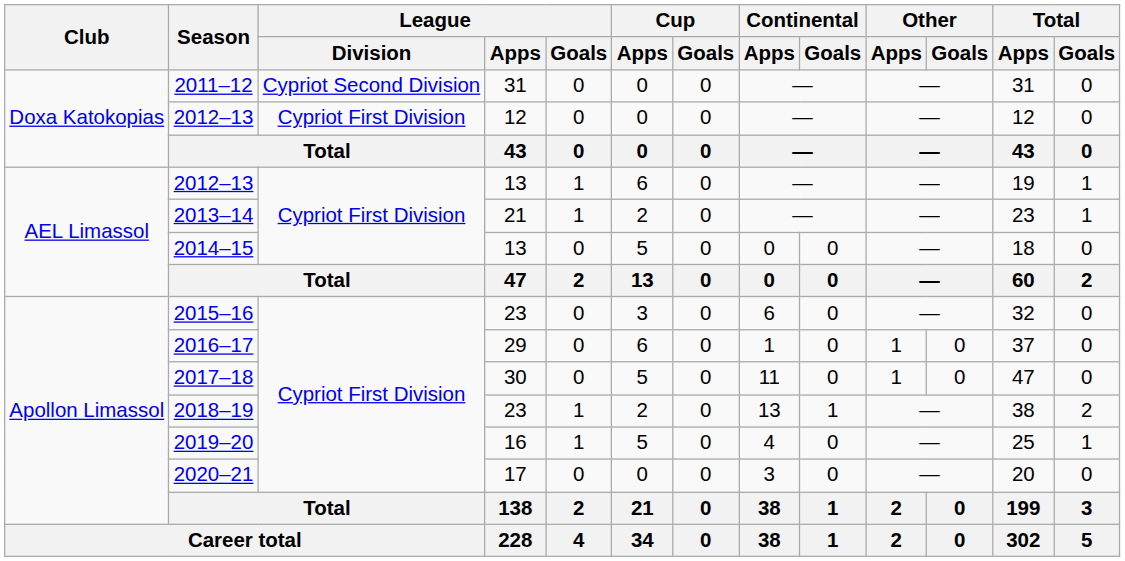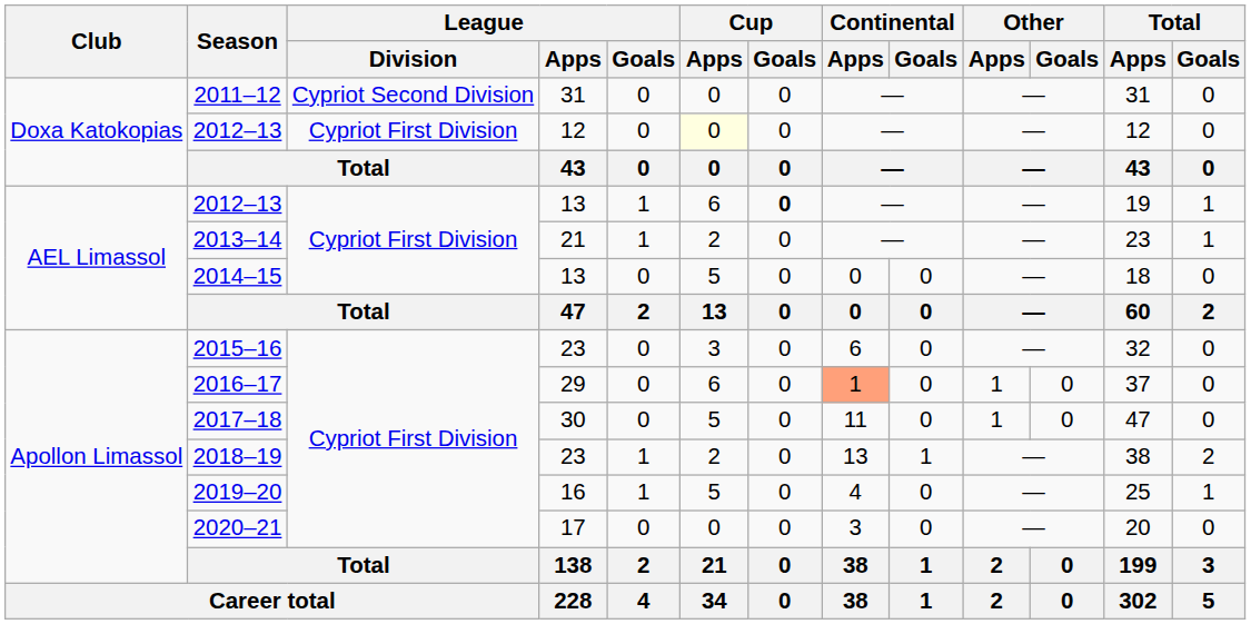 <table class="wikitable" style="text-align:center">
 <tr>
 <th rowspan=2>Club</th>
 <th rowspan=2>Season</th>
 <th colspan=3>League</th>
 <th colspan=2>Cup</th>
 <th colspan=2>Continental</th>
 <th colspan=2>Other</th>
 <th colspan=2>Total</th>
 </tr>
 <tr>
 <th>Division</th>
 <th>Apps</th>
 <th>Goals</th>
 <th>Apps</th>
 <th>Goals</th>
 <th>Apps</th>
 <th>Goals</th>
 <th>Apps</th>
 <th>Goals</th>
 <th>Apps</th>
 <th>Goals</th>
 </tr>
 <tr>
 <td rowspan=3><a href='#'>Doxa Katokopias</a></td>
 <td><a href='#'>2011–12</a></td>
 <td><a href='#'>Cypriot Second Division</a></td>
 <td>31</td>
 <td>0</td>
 <td>0</td>
 <td>0</td>
 <td colspan="2">—</td>
 <td colspan="2">—</td>
 <td>31</td>
 <td>0</td>
 </tr>
 <tr>
 <td><a href='#'>2012–13</a></td>
 <td><a href='#'>Cypriot First Division</a></td>
 <td>12</td>
 <td>0</td>
-<td>0</td>
+<td style="background: lightyellow;">0</td>
 <td>0</td>
 <td colspan="2">—</td>
 <td colspan="2">—</td>
 <td>12</td>
 <td>0</td>
 </tr>
 <tr>
 <th colspan="2">Total</th>
 <th>43</th>
 <th>0</th>
 <th>0</th>
 <th>0</th>
 <th colspan="2">—</th>
 <th colspan="2">—</th>
 <th>43</th>
 <th>0</th>
 </tr>
 <tr>
 <td rowspan=4><a href='#'>AEL Limassol</a></td>
 <td><a href='#'>2012–13</a></td>
 <td rowspan=3><a href='#'>Cypriot First Division</a></td>
 <td>13</td>
 <td>1</td>
 <td>6</td>
-<td>0</td>
+<td><strong>0</strong></td>
 <td colspan="2">—</td>
 <td colspan="2">—</td>
 <td>19</td>
 <td>1</td>
 </tr>
 <tr>
 <td><a href='#'>2013–14</a></td>
 <td>21</td>
 <td>1</td>
 <td>2</td>
 <td>0</td>
 <td colspan="2">—</td>
 <td colspan="2">—</td>
 <td>23</td>
 <td>1</td>
 </tr>
 <tr>
 <td><a href='#'>2014–15</a></td>
 <td>13</td>
 <td>0</td>
 <td>5</td>
 <td>0</td>
 <td>0</td>
 <td>0</td>
 <td colspan="2">—</td>
 <td>18</td>
 <td>0</td>
 </tr>
 <tr>
 <th colspan="2">Total</th>
 <th>47</th>
 <th>2</th>
 <th>13</th>
 <th>0</th>
 <th>0</th>
 <th>0</th>
 <th colspan="2">—</th>
 <th>60</th>
 <th>2</th>
 </tr>
 <tr>
 <td rowspan=7><a href='#'>Apollon Limassol</a></td>
 <td><a href='#'>2015–16</a></td>
 <td rowspan=6><a href='#'>Cypriot First Division</a></td>
 <td>23</td>
 <td>0</td>
 <td>3</td>
 <td>0</td>
 <td>6</td>
 <td>0</td>
 <td colspan="2">—</td>
 <td>32</td>
 <td>0</td>
 </tr>
 <tr>
 <td><a href='#'>2016–17</a></td>
 <td>29</td>
 <td>0</td>
 <td>6</td>
 <td>0</td>
-<td>1</td>
+<td style="background: lightsalmon;">1</td>
 <td>0</td>
 <td>1</td>
 <td>0</td>
 <td>37</td>
 <td>0</td>
 </tr>
 <tr>
 <td><a href='#'>2017–18</a></td>
 <td>30</td>
 <td>0</td>
 <td>5</td>
 <td>0</td>
 <td>11</td>
 <td>0</td>
 <td>1</td>
 <td>0</td>
 <td>47</td>
 <td>0</td>
 </tr>
 <tr>
 <td><a href='#'>2018–19</a></td>
 <td>23</td>
 <td>1</td>
 <td>2</td>
 <td>0</td>
 <td>13</td>
 <td>1</td>
 <td colspan="2">—</td>
 <td>38</td>
 <td>2</td>
 </tr>
 <tr>
 <td><a href='#'>2019–20</a></td>
 <td>16</td>
 <td>1</td>
 <td>5</td>
 <td>0</td>
 <td>4</td>
 <td>0</td>
 <td colspan="2">—</td>
 <td>25</td>
 <td>1</td>
 </tr>
 <tr>
 <td><a href='#'>2020–21</a></td>
 <td>17</td>
 <td>0</td>
 <td>0</td>
 <td>0</td>
 <td>3</td>
 <td>0</td>
 <td colspan="2">—</td>
 <td>20</td>
 <td>0</td>
 </tr>
 <tr>
 <th colspan="2">Total</th>
 <th>138</th>
 <th>2</th>
 <th>21</th>
 <th>0</th>
 <th>38</th>
 <th>1</th>
 <th>2</th>
 <th>0</th>
 <th>199</th>
 <th>3</th>
 </tr>
 <tr>
 <th colspan="3">Career total</th>
 <th>228</th>
 <th>4</th>
 <th>34</th>
 <th>0</th>
 <th>38</th>
 <th>1</th>
 <th>2</th>
 <th>0</th>
 <th>302</th>
 <th>5</th>
 </tr>
 </table>
